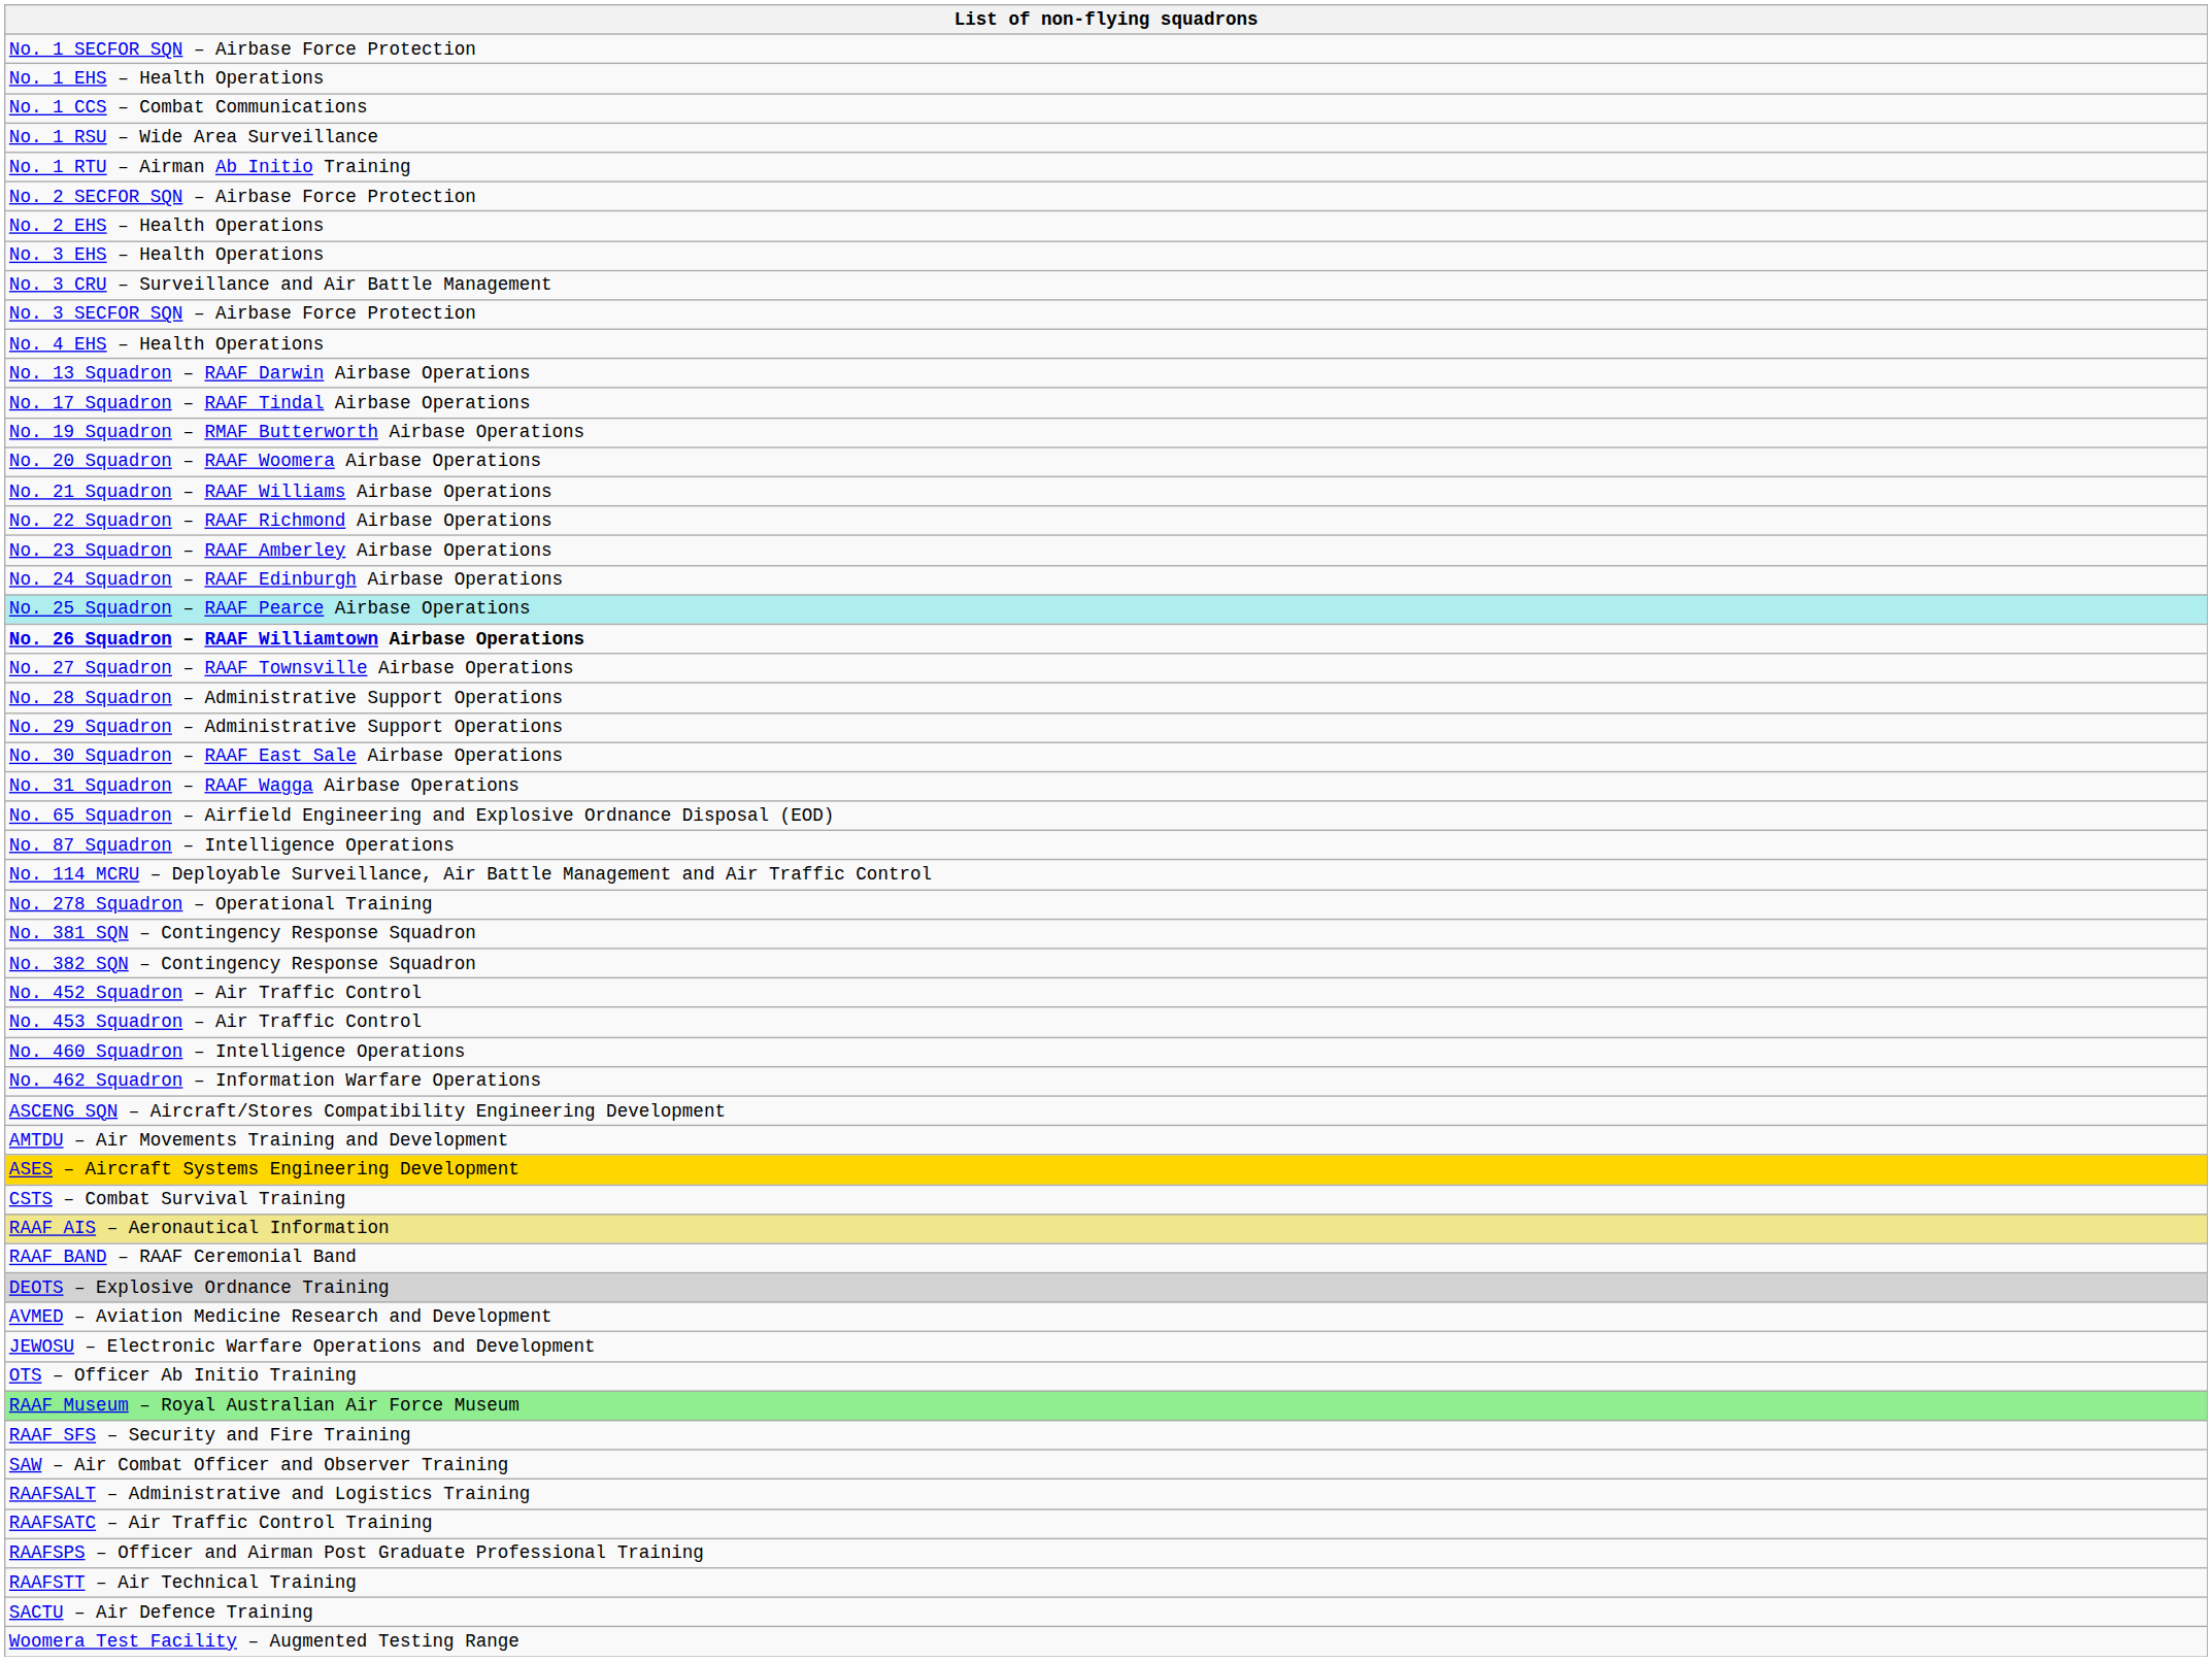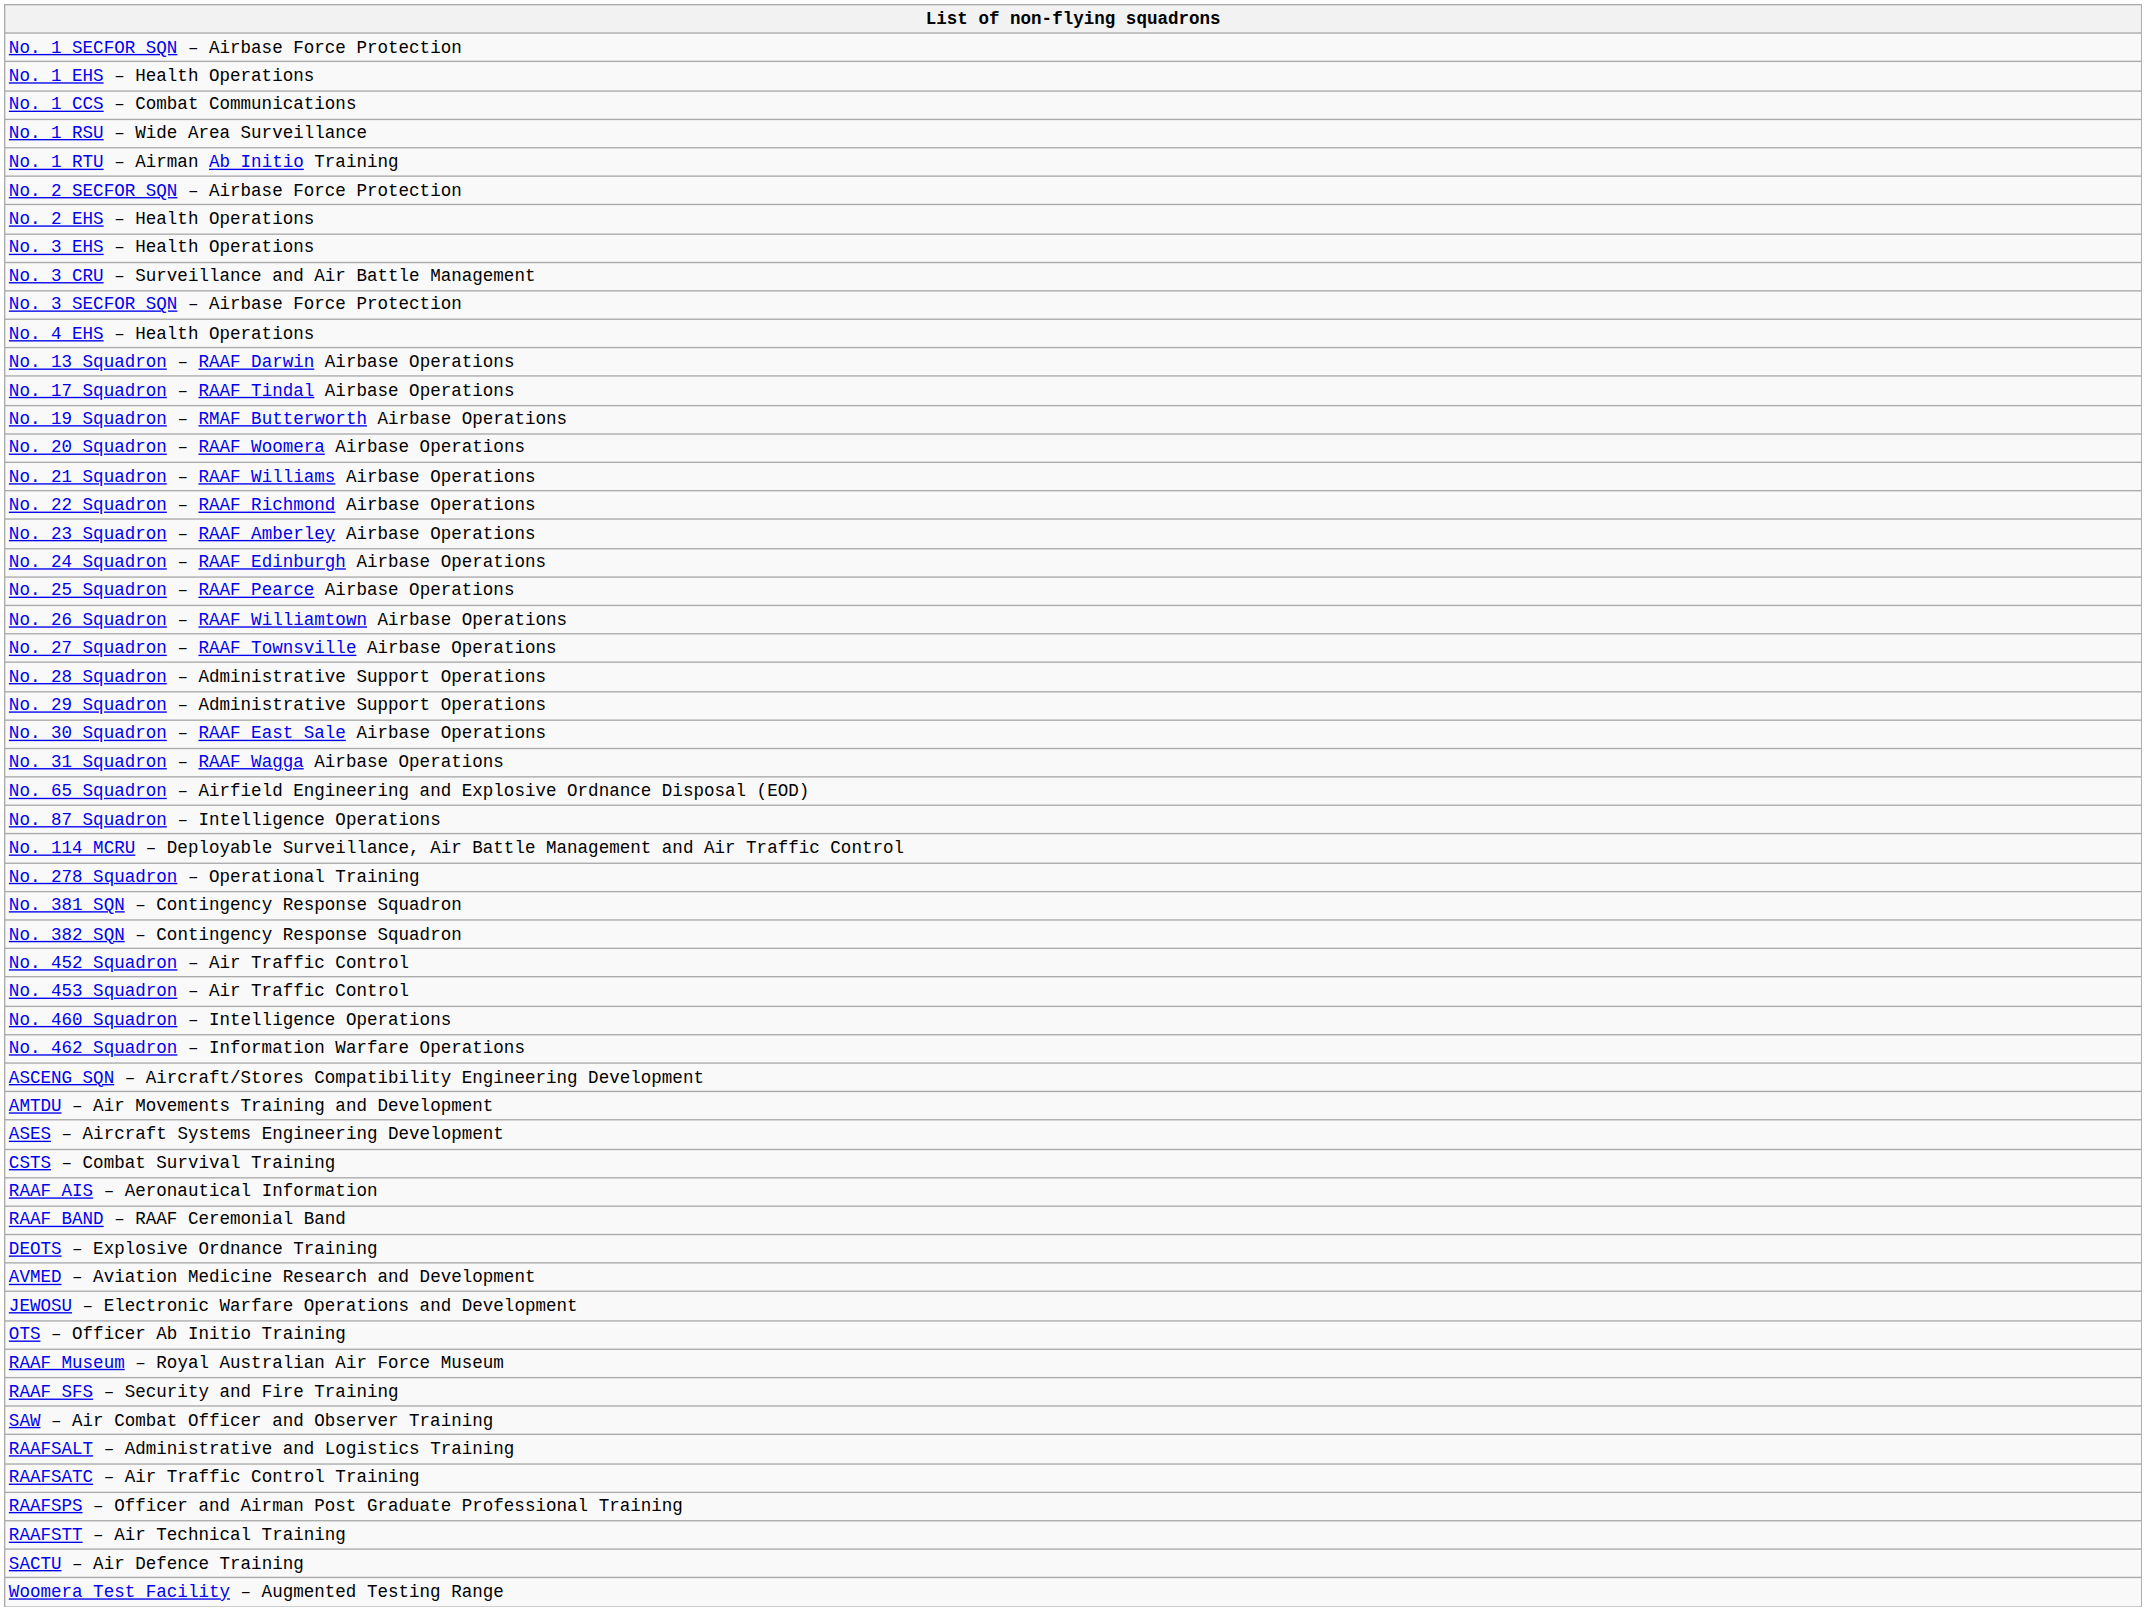 <table class="wikitable collapsible collapsed" width="100%">
 <tr>
 <th>List of non-flying squadrons</th>
 </tr>
 <tr>
 <td><a href='#'>No. 1 SECFOR SQN</a> – Airbase Force Protection</td>
 </tr>
 <tr>
 <td><a href='#'>No. 1 EHS</a> – Health Operations</td>
 </tr>
 <tr>
 <td><a href='#'>No. 1 CCS</a> – Combat Communications</td>
 </tr>
 <tr>
 <td><a href='#'>No. 1 RSU</a> – Wide Area Surveillance</td>
 </tr>
 <tr>
 <td><a href='#'>No. 1 RTU</a> – Airman <a href='#'>Ab Initio</a> Training</td>
 </tr>
 <tr>
 <td><a href='#'>No. 2 SECFOR SQN</a> – Airbase Force Protection</td>
 </tr>
 <tr>
 <td><a href='#'>No. 2 EHS</a> – Health Operations</td>
 </tr>
 <tr>
 <td><a href='#'>No. 3 EHS</a> – Health Operations</td>
 </tr>
 <tr>
 <td><a href='#'>No. 3 CRU</a> – Surveillance and Air Battle Management</td>
 </tr>
 <tr>
 <td><a href='#'>No. 3 SECFOR SQN</a> – Airbase Force Protection</td>
 </tr>
 <tr>
 <td><a href='#'>No. 4 EHS</a> – Health Operations</td>
 </tr>
 <tr>
 <td><a href='#'>No. 13 Squadron</a> – <a href='#'>RAAF Darwin</a> Airbase Operations</td>
 </tr>
 <tr>
 <td><a href='#'>No. 17 Squadron</a> – <a href='#'>RAAF Tindal</a> Airbase Operations</td>
 </tr>
 <tr>
 <td><a href='#'>No. 19 Squadron</a> – <a href='#'>RMAF Butterworth</a> Airbase Operations</td>
 </tr>
 <tr>
 <td><a href='#'>No. 20 Squadron</a> – <a href='#'>RAAF Woomera</a> Airbase Operations</td>
 </tr>
 <tr>
 <td><a href='#'>No. 21 Squadron</a> – <a href='#'>RAAF Williams</a> Airbase Operations</td>
 </tr>
 <tr>
 <td><a href='#'>No. 22 Squadron</a> – <a href='#'>RAAF Richmond</a> Airbase Operations</td>
 </tr>
 <tr>
 <td><a href='#'>No. 23 Squadron</a> – <a href='#'>RAAF Amberley</a> Airbase Operations</td>
 </tr>
 <tr>
 <td><a href='#'>No. 24 Squadron</a> – <a href='#'>RAAF Edinburgh</a> Airbase Operations</td>
 </tr>
 <tr>
-<td style="background: paleturquoise;"><a href='#'>No. 25 Squadron</a> – <a href='#'>RAAF Pearce</a> Airbase Operations</td>
+<td><a href='#'>No. 25 Squadron</a> – <a href='#'>RAAF Pearce</a> Airbase Operations</td>
 </tr>
 <tr>
-<td><strong><a href='#'>No. 26 Squadron</a> – <a href='#'>RAAF Williamtown</a> Airbase Operations</strong></td>
+<td><a href='#'>No. 26 Squadron</a> – <a href='#'>RAAF Williamtown</a> Airbase Operations</td>
 </tr>
 <tr>
 <td><a href='#'>No. 27 Squadron</a> – <a href='#'>RAAF Townsville</a> Airbase Operations</td>
 </tr>
 <tr>
 <td><a href='#'>No. 28 Squadron</a> – Administrative Support Operations</td>
 </tr>
 <tr>
 <td><a href='#'>No. 29 Squadron</a> – Administrative Support Operations</td>
 </tr>
 <tr>
 <td><a href='#'>No. 30 Squadron</a> – <a href='#'>RAAF East Sale</a> Airbase Operations</td>
 </tr>
 <tr>
 <td><a href='#'>No. 31 Squadron</a> – <a href='#'>RAAF Wagga</a> Airbase Operations</td>
 </tr>
 <tr>
 <td><a href='#'>No. 65 Squadron</a> – Airfield Engineering and Explosive Ordnance Disposal (EOD)</td>
 </tr>
 <tr>
 <td><a href='#'>No. 87 Squadron</a> – Intelligence Operations</td>
 </tr>
 <tr>
 <td><a href='#'>No. 114 MCRU</a> – Deployable Surveillance, Air Battle Management and Air Traffic Control</td>
 </tr>
 <tr>
 <td><a href='#'>No. 278 Squadron</a> – Operational Training</td>
 </tr>
 <tr>
 <td><a href='#'>No. 381 SQN</a> – Contingency Response Squadron</td>
 </tr>
 <tr>
 <td><a href='#'>No. 382 SQN</a> – Contingency Response Squadron</td>
 </tr>
 <tr>
 <td><a href='#'>No. 452 Squadron</a> – Air Traffic Control</td>
 </tr>
 <tr>
 <td><a href='#'>No. 453 Squadron</a> – Air Traffic Control</td>
 </tr>
 <tr>
 <td><a href='#'>No. 460 Squadron</a> – Intelligence Operations</td>
 </tr>
 <tr>
 <td><a href='#'>No. 462 Squadron</a> – Information Warfare Operations</td>
 </tr>
 <tr>
 <td><a href='#'>ASCENG SQN</a> – Aircraft/Stores Compatibility Engineering Development</td>
 </tr>
 <tr>
 <td><a href='#'>AMTDU</a> – Air Movements Training and Development</td>
 </tr>
 <tr>
-<td style="background: gold;"><a href='#'>ASES</a> – Aircraft Systems Engineering Development</td>
+<td><a href='#'>ASES</a> – Aircraft Systems Engineering Development</td>
 </tr>
 <tr>
 <td><a href='#'>CSTS</a> – Combat Survival Training</td>
 </tr>
 <tr>
-<td style="background: khaki;"><a href='#'>RAAF AIS</a> – Aeronautical Information</td>
+<td><a href='#'>RAAF AIS</a> – Aeronautical Information</td>
 </tr>
 <tr>
 <td><a href='#'>RAAF BAND</a> – RAAF Ceremonial Band</td>
 </tr>
 <tr>
-<td style="background: lightgrey;"><a href='#'>DEOTS</a> – Explosive Ordnance Training</td>
+<td><a href='#'>DEOTS</a> – Explosive Ordnance Training</td>
 </tr>
 <tr>
 <td><a href='#'>AVMED</a> – Aviation Medicine Research and Development</td>
 </tr>
 <tr>
 <td><a href='#'>JEWOSU</a> –  Electronic Warfare Operations and Development</td>
 </tr>
 <tr>
 <td><a href='#'>OTS</a> – Officer Ab Initio Training</td>
 </tr>
 <tr>
-<td style="background: lightgreen;"><a href='#'>RAAF Museum</a> – Royal Australian Air Force Museum</td>
+<td><a href='#'>RAAF Museum</a> – Royal Australian Air Force Museum</td>
 </tr>
 <tr>
 <td><a href='#'>RAAF SFS</a> – Security and Fire Training</td>
 </tr>
 <tr>
 <td><a href='#'>SAW</a> – Air Combat Officer and Observer Training</td>
 </tr>
 <tr>
 <td><a href='#'>RAAFSALT</a> – Administrative and Logistics Training</td>
 </tr>
 <tr>
 <td><a href='#'>RAAFSATC</a> – Air Traffic Control Training</td>
 </tr>
 <tr>
 <td><a href='#'>RAAFSPS</a> – Officer and Airman Post Graduate Professional Training</td>
 </tr>
 <tr>
 <td><a href='#'>RAAFSTT</a> – Air Technical Training</td>
 </tr>
 <tr>
 <td><a href='#'>SACTU</a> – Air Defence Training</td>
 </tr>
 <tr>
 <td><a href='#'>Woomera Test Facility</a> – Augmented Testing Range</td>
 </tr>
 </table>
